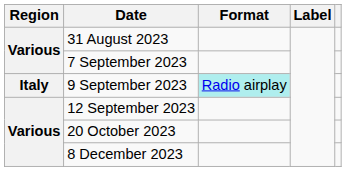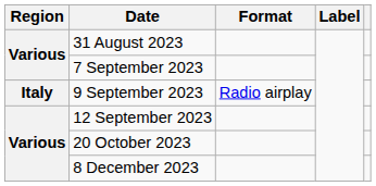 <table class="wikitable plainrowheaders">
 <tr>
 <th scope="col">Region</th>
 <th scope="col">Date</th>
 <th scope="col">Format</th>
 <th scope="col">Label</th>
 <th scope="col"></th>
 </tr>
 <tr>
 <th scope="row" rowspan="2">Various</th>
 <td>31 August 2023</td>
 <td></td>
 <td rowspan="6"></td>
 <td style="text-align:center;"></td>
 </tr>
 <tr>
 <td>7 September 2023</td>
 <td></td>
 <td style="text-align:center;"></td>
 </tr>
 <tr>
 <th scope="row">Italy</th>
 <td>9 September 2023</td>
-<td style="background: paleturquoise;"><a href='#'>Radio</a> airplay</td>
+<td><a href='#'>Radio</a> airplay</td>
 <td style="text-align:center;"></td>
 </tr>
 <tr>
 <th scope="row" rowspan="3">Various</th>
 <td>12 September 2023</td>
 <td></td>
 <td style="text-align:center;"></td>
 </tr>
 <tr>
 <td>20 October 2023</td>
 <td></td>
 <td style="text-align:center;"></td>
 </tr>
 <tr>
 <td>8 December 2023</td>
 <td></td>
 <td style="text-align:center;"></td>
 </tr>
 </table>
